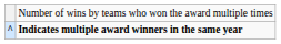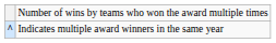 <table class="wikitable plainrowheaders" style="font-size:85%">
 <tr>
 <th scope="row" style="text-align:center"></th>
 <td>Number of wins by teams who won the award multiple times</td>
 </tr>
 <tr>
 <th scope="row" style="text-align:center; background-color:#D0E7FF;">^</th>
-<td><strong>Indicates multiple award winners in the same year</strong></td>
+<td>Indicates multiple award winners in the same year</td>
 </tr>
 </table>
